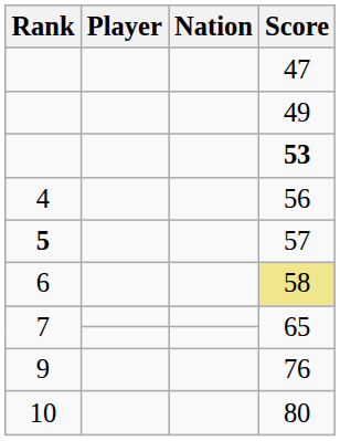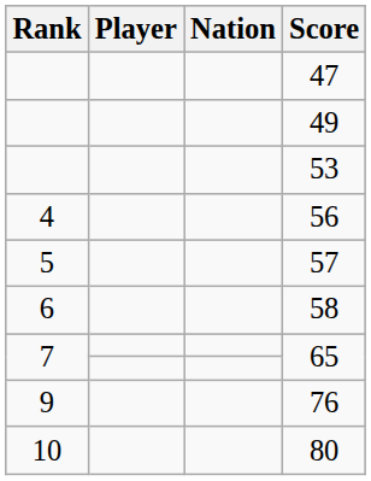 <table class="wikitable plainrowheaders" border="1">
 <tr>
 <th scope="col">Rank</th>
 <th scope="col">Player</th>
 <th scope="col">Nation</th>
 <th scope="col">Score</th>
 </tr>
 <tr>
 <td align=center></td>
 <td></td>
 <td></td>
 <td align=center>47</td>
 </tr>
 <tr>
 <td align=center></td>
 <td></td>
 <td></td>
 <td align=center>49</td>
 </tr>
 <tr>
 <td align=center></td>
 <td></td>
 <td></td>
-<td align=center><strong>53</strong></td>
+<td align=center>53</td>
 </tr>
 <tr>
 <td align=center>4</td>
 <td></td>
 <td></td>
 <td align=center>56</td>
 </tr>
 <tr>
-<td align=center><strong>5</strong></td>
+<td align=center>5</td>
 <td></td>
 <td></td>
 <td align=center>57</td>
 </tr>
 <tr>
 <td align=center>6</td>
 <td></td>
 <td></td>
-<td align=center style="background: khaki;">58</td>
+<td align=center>58</td>
 </tr>
 <tr>
 <td rowspan="2" align=center>7</td>
 <td></td>
 <td></td>
 <td rowspan="2" align=center>65</td>
 </tr>
 <tr>
 <td></td>
 <td></td>
 </tr>
 <tr>
 <td align=center>9</td>
 <td></td>
 <td></td>
 <td align=center>76</td>
 </tr>
 <tr>
 <td align=center>10</td>
 <td></td>
 <td></td>
 <td align=center>80</td>
 </tr>
 </table>
